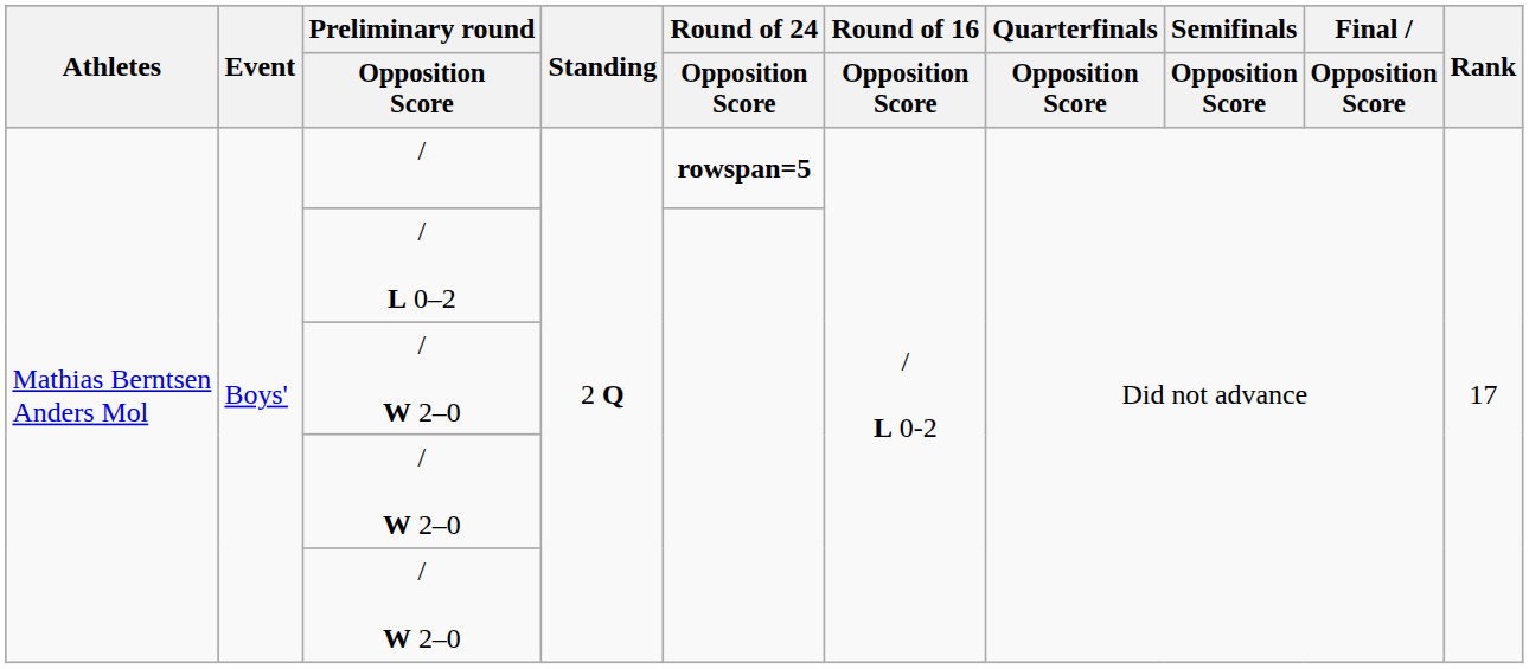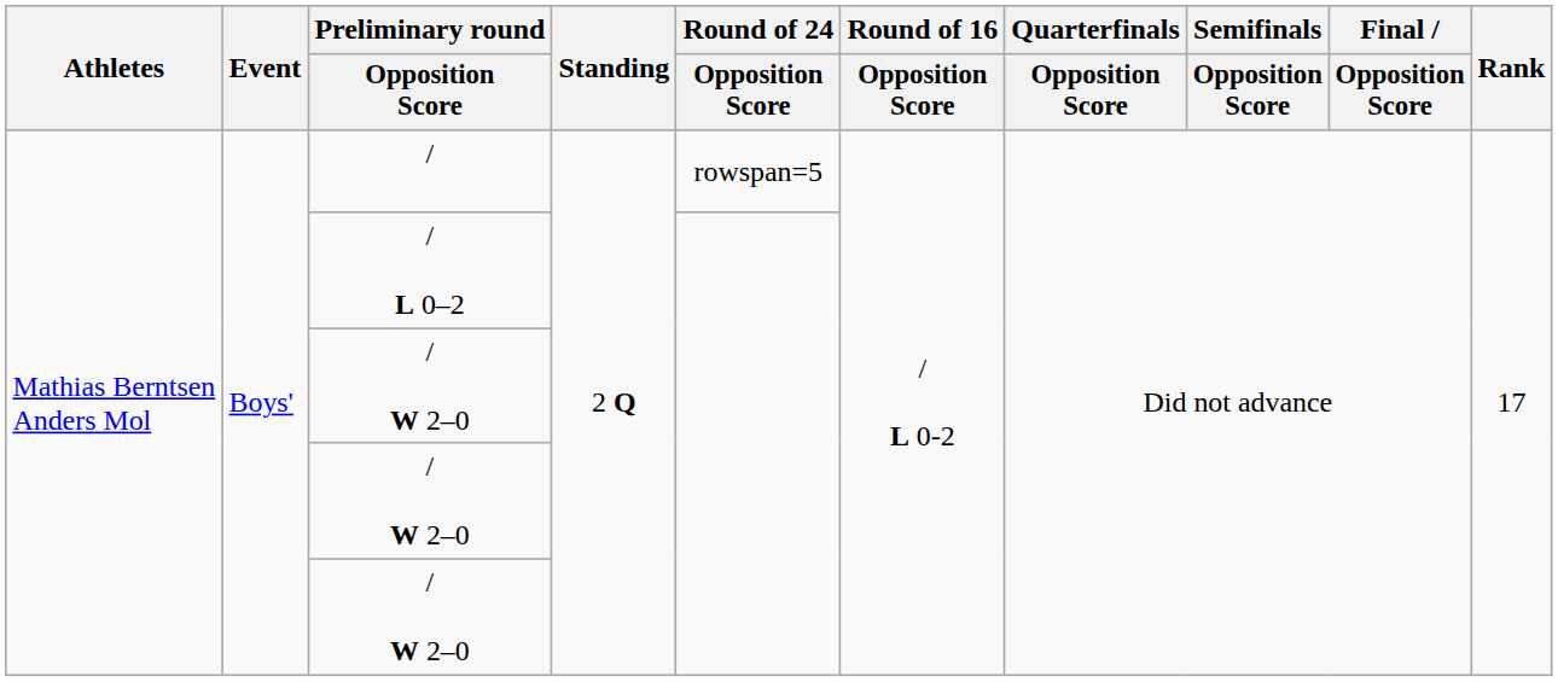 <table class=wikitable style="font-size:90%">
 <tr>
 <th rowspan="2">Athletes</th>
 <th rowspan="2">Event</th>
 <th>Preliminary round</th>
 <th rowspan="2">Standing</th>
 <th>Round of 24</th>
 <th>Round of 16</th>
 <th>Quarterfinals</th>
 <th>Semifinals</th>
 <th>Final / </th>
 <th rowspan=2>Rank</th>
 </tr>
 <tr style="font-size:95%">
 <th>Opposition<br>Score</th>
 <th>Opposition<br>Score</th>
 <th>Opposition<br>Score</th>
 <th>Opposition<br>Score</th>
 <th>Opposition<br>Score</th>
 <th>Opposition<br>Score</th>
 </tr>
 <tr align=center>
 <td align=left rowspan=5><a href='#'>Mathias Berntsen</a><br><a href='#'>Anders Mol</a></td>
 <td align=left rowspan=5><a href='#'>Boys'</a></td>
 <td>/<br><br></td>
 <td rowspan=5>2 <strong>Q</strong></td>
-<td><strong>rowspan=5 </strong></td>
+<td>rowspan=5 </td>
 <td rowspan=5>/<br><br><strong>L</strong> 0-2</td>
 <td rowspan=5 colspan=3>Did not advance</td>
 <td rowspan=5>17</td>
 </tr>
 <tr align=center>
 <td>/<br><br><strong>L</strong> 0–2</td>
 </tr>
 <tr align=center>
 <td>/<br><br><strong>W</strong> 2–0</td>
 </tr>
 <tr align=center>
 <td>/<br><br><strong>W</strong> 2–0</td>
 </tr>
 <tr align=center>
 <td>/<br><br><strong>W</strong> 2–0</td>
 </tr>
 </table>
